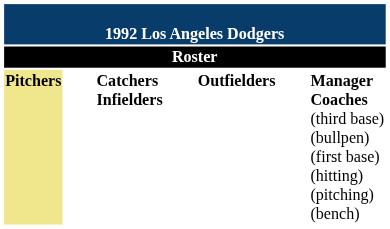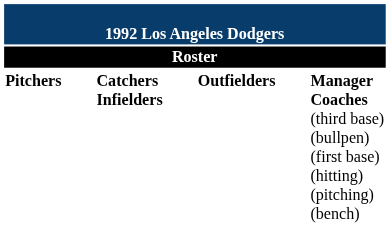 <table class="toccolours" style="font-size: 95%;">
 <tr>
 <th colspan="10" style="background-color: #083c6b; color: #FFFFFF; text-align: center;"><br>1992 Los Angeles Dodgers</th>
 </tr>
 <tr>
 <td colspan="10" style="background-color: black; color: #FFFFFF; text-align: center;"><strong>Roster</strong></td>
 </tr>
 <tr>
-<td valign="top" style="background: khaki;"><strong>Pitchers</strong><br>                        </td>
+<td valign="top"><strong>Pitchers</strong><br>                        </td>
 <td width="25px"></td>
 <td valign="top"><strong>Catchers</strong><br>   <strong>Infielders</strong>         </td>
 <td width="25px"></td>
 <td valign="top"><strong>Outfielders</strong><br>         </td>
 <td width="25px"></td>
 <td valign="top"><strong>Manager</strong><br> <strong>Coaches</strong> <br> (third base)  <br>(bullpen)  <br>(first base)  <br>(hitting)   <br> (pitching)  <br>(bench)</td>
 </tr>
 </table>
